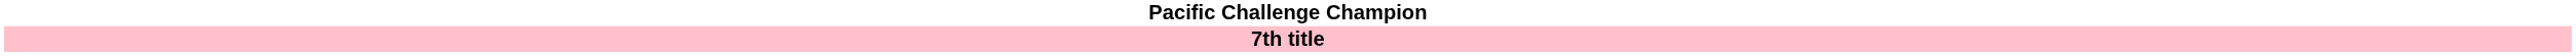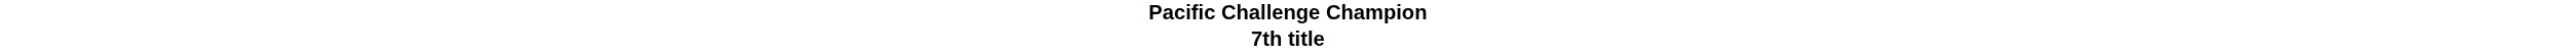 <table cellspacing=0 width=100% style="text-align:center; font-weight:bold;">
 <tr>
 <td></td>
 </tr>
 <tr>
 <td>Pacific Challenge Champion</td>
 </tr>
 <tr>
-<td style="background: pink;">7th title</td>
+<td>7th title</td>
 </tr>
 </table>
